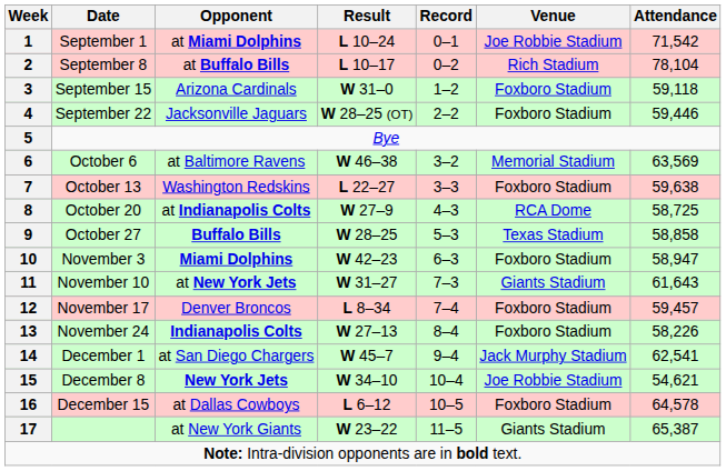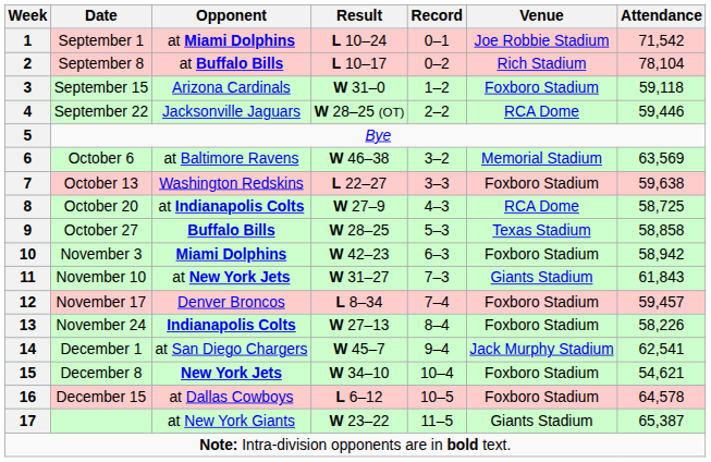 <table class="wikitable" style="text-align:center">
 <tr>
 <th>Week</th>
 <th>Date</th>
 <th>Opponent</th>
 <th>Result</th>
 <th>Record</th>
 <th>Venue</th>
 <th>Attendance</th>
 </tr>
 <tr style="background:#fcc">
 <th>1</th>
 <td>September 1</td>
 <td>at <strong><a href='#'>Miami Dolphins</a></strong></td>
 <td><strong>L</strong> 10–24</td>
 <td>0–1</td>
 <td><a href='#'>Joe Robbie Stadium</a></td>
 <td>71,542</td>
 </tr>
 <tr style="background:#fcc">
 <th>2</th>
 <td>September 8</td>
 <td>at <strong><a href='#'>Buffalo Bills</a></strong></td>
 <td><strong>L</strong> 10–17</td>
 <td>0–2</td>
 <td><a href='#'>Rich Stadium</a></td>
 <td>78,104</td>
 </tr>
 <tr style="background:#cfc">
 <th>3</th>
 <td>September 15</td>
 <td><a href='#'>Arizona Cardinals</a></td>
 <td><strong>W</strong> 31–0</td>
 <td>1–2</td>
 <td><a href='#'>Foxboro Stadium</a></td>
 <td>59,118</td>
 </tr>
 <tr style="background:#cfc">
 <th>4</th>
 <td>September 22</td>
 <td><a href='#'>Jacksonville Jaguars</a></td>
 <td><strong>W</strong> 28–25 <small>(OT)</small></td>
 <td>2–2</td>
-<td>Foxboro Stadium</td>
+<td><a href='#'>RCA Dome</a></td>
 <td>59,446</td>
 </tr>
 <tr>
 <th>5</th>
 <td colspan="8" align="center"><em><a href='#'>Bye</a></em></td>
 </tr>
 <tr style="background:#cfc">
 <th>6</th>
 <td>October 6</td>
 <td>at <a href='#'>Baltimore Ravens</a></td>
 <td><strong>W</strong> 46–38</td>
 <td>3–2</td>
 <td><a href='#'>Memorial Stadium</a></td>
 <td>63,569</td>
 </tr>
 <tr style="background:#fcc">
 <th>7</th>
 <td>October 13</td>
 <td><a href='#'>Washington Redskins</a></td>
 <td><strong>L</strong> 22–27</td>
 <td>3–3</td>
 <td>Foxboro Stadium</td>
 <td>59,638</td>
 </tr>
 <tr style="background:#cfc">
 <th>8</th>
 <td>October 20</td>
 <td>at <strong><a href='#'>Indianapolis Colts</a></strong></td>
 <td><strong>W</strong> 27–9</td>
 <td>4–3</td>
 <td><a href='#'>RCA Dome</a></td>
 <td>58,725</td>
 </tr>
 <tr style="background:#cfc">
 <th>9</th>
 <td>October 27</td>
 <td><strong><a href='#'>Buffalo Bills</a></strong></td>
 <td><strong>W</strong> 28–25</td>
 <td>5–3</td>
 <td><a href='#'>Texas Stadium</a></td>
 <td>58,858</td>
 </tr>
 <tr style="background:#cfc">
 <th>10</th>
 <td>November 3</td>
 <td><strong><a href='#'>Miami Dolphins</a></strong></td>
 <td><strong>W</strong> 42–23</td>
 <td>6–3</td>
 <td>Foxboro Stadium</td>
-<td>58,947</td>
+<td>58,942</td>
 </tr>
 <tr style="background:#cfc">
 <th>11</th>
 <td>November 10</td>
 <td>at <strong><a href='#'>New York Jets</a></strong></td>
 <td><strong>W</strong> 31–27</td>
 <td>7–3</td>
 <td><a href='#'>Giants Stadium</a></td>
-<td>61,643</td>
+<td>61,843</td>
 </tr>
 <tr style="background:#fcc">
 <th>12</th>
 <td>November 17</td>
 <td><a href='#'>Denver Broncos</a></td>
 <td><strong>L</strong> 8–34</td>
 <td>7–4</td>
 <td>Foxboro Stadium</td>
 <td>59,457</td>
 </tr>
 <tr style="background:#cfc">
 <th>13</th>
 <td>November 24</td>
 <td><strong><a href='#'>Indianapolis Colts</a></strong></td>
 <td><strong>W</strong> 27–13</td>
 <td>8–4</td>
 <td>Foxboro Stadium</td>
 <td>58,226</td>
 </tr>
 <tr style="background:#cfc">
 <th>14</th>
 <td>December 1</td>
 <td>at <a href='#'>San Diego Chargers</a></td>
 <td><strong>W</strong> 45–7</td>
 <td>9–4</td>
 <td><a href='#'>Jack Murphy Stadium</a></td>
 <td>62,541</td>
 </tr>
 <tr style="background:#cfc">
 <th>15</th>
 <td>December 8</td>
 <td><strong><a href='#'>New York Jets</a></strong></td>
 <td><strong>W</strong> 34–10</td>
 <td>10–4</td>
-<td><a href='#'>Joe Robbie Stadium</a></td>
+<td>Foxboro Stadium</td>
 <td>54,621</td>
 </tr>
 <tr style="background:#fcc">
 <th>16</th>
 <td>December 15</td>
 <td>at <a href='#'>Dallas Cowboys</a></td>
 <td><strong>L</strong> 6–12</td>
 <td>10–5</td>
 <td>Foxboro Stadium</td>
 <td>64,578</td>
 </tr>
 <tr style="background:#cfc;">
 <th>17</th>
 <td></td>
 <td>at <a href='#'>New York Giants</a></td>
 <td><strong>W</strong> 23–22</td>
 <td>11–5</td>
 <td>Giants Stadium</td>
 <td>65,387</td>
 </tr>
 <tr>
 <td colspan="8"><strong>Note:</strong> Intra-division opponents are in <strong>bold</strong> text.</td>
 </tr>
 </table>
